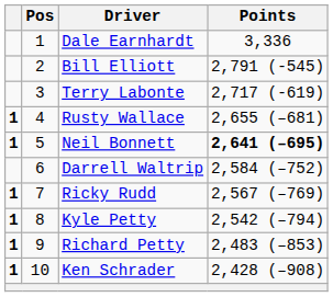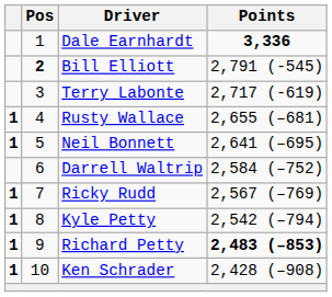 <table class="wikitable" style="font-size: 95%;">
 <tr>
 <th></th>
 <th>Pos</th>
 <th>Driver</th>
 <th>Points</th>
 </tr>
 <tr>
 <td align="left"></td>
 <td style="text-align:center;">1</td>
 <td><a href='#'>Dale Earnhardt</a></td>
-<td style="text-align:center;">3,336</td>
+<td style="text-align:center;"><strong>3,336</strong></td>
 </tr>
 <tr>
 <td align="left"></td>
-<td style="text-align:center;">2</td>
+<td style="text-align:center;"><strong>2</strong></td>
 <td><a href='#'>Bill Elliott</a></td>
 <td style="text-align:center;">2,791 (-545)</td>
 </tr>
 <tr>
 <td align="left"></td>
 <td style="text-align:center;">3</td>
 <td><a href='#'>Terry Labonte</a></td>
 <td style="text-align:center;">2,717 (-619)</td>
 </tr>
 <tr>
 <td align="left">  <strong>1</strong></td>
 <td style="text-align:center;">4</td>
 <td><a href='#'>Rusty Wallace</a></td>
 <td style="text-align:center;">2,655 (–681)</td>
 </tr>
 <tr>
 <td align="left">  <strong>1</strong></td>
 <td style="text-align:center;">5</td>
 <td><a href='#'>Neil Bonnett</a></td>
-<td style="text-align:center;"><strong>2,641 (–695)</strong></td>
+<td style="text-align:center;">2,641 (–695)</td>
 </tr>
 <tr>
 <td align="left"></td>
 <td style="text-align:center;">6</td>
 <td><a href='#'>Darrell Waltrip</a></td>
 <td style="text-align:center;">2,584 (–752)</td>
 </tr>
 <tr>
 <td align="left">  <strong>1</strong></td>
 <td style="text-align:center;">7</td>
 <td><a href='#'>Ricky Rudd</a></td>
 <td style="text-align:center;">2,567 (–769)</td>
 </tr>
 <tr>
 <td align="left">  <strong>1</strong></td>
 <td style="text-align:center;">8</td>
 <td><a href='#'>Kyle Petty</a></td>
 <td style="text-align:center;">2,542 (–794)</td>
 </tr>
 <tr>
 <td align="left">  <strong>1</strong></td>
 <td style="text-align:center;">9</td>
 <td><a href='#'>Richard Petty</a></td>
-<td style="text-align:center;">2,483 (–853)</td>
+<td style="text-align:center;"><strong>2,483 (–853)</strong></td>
 </tr>
 <tr>
 <td align="left">  <strong>1</strong></td>
 <td style="text-align:center;">10</td>
 <td><a href='#'>Ken Schrader</a></td>
 <td style="text-align:center;">2,428 (–908)</td>
 </tr>
 <tr class="sortbottom">
 <th colspan="9"></th>
 </tr>
 </table>
